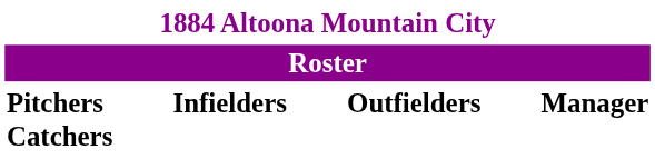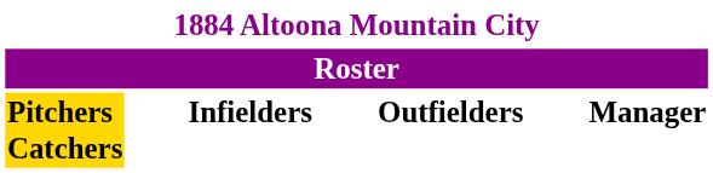 <table class="toccolours" style="font-size: 95%;">
 <tr>
 <th colspan="10" style="background-color: white; color: #8B008B; text-align: center;">1884 Altoona Mountain City</th>
 </tr>
 <tr>
 <td colspan="10" style="background-color:#8B008B; color: white; text-align: center;"><strong>Roster</strong></td>
 </tr>
 <tr>
-<td valign="top"><strong>Pitchers</strong><br>  <strong>Catchers</strong>   </td>
+<td valign="top" style="background: gold;"><strong>Pitchers</strong><br>  <strong>Catchers</strong>   </td>
 <td width="25px"></td>
 <td valign="top"><strong>Infielders</strong><br>        </td>
 <td width="25px"></td>
 <td valign="top"><strong>Outfielders</strong><br>   </td>
 <td width="25px"></td>
 <td valign="top"><strong>Manager</strong><br></td>
 </tr>
 </table>
